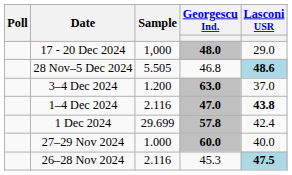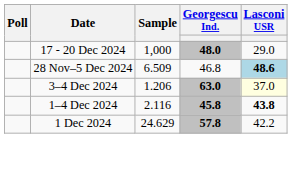 <table class="wikitable sortable" style="text-align:center;font-size:85%;line-height:14px;">
 <tr>
 <th rowspan="2">Poll</th>
 <th rowspan="2">Date</th>
 <th rowspan="2" style="width:35px;">Sample</th>
 <th class="unsortable" style="width:20px;"><a href='#'>Georgescu</a><br><small><a href='#'>Ind.</a></small></th>
 <th class="unsortable" style="width:20px;"><a href='#'>Lasconi</a><br><small><a href='#'>USR</a></small></th>
 </tr>
 <tr>
 <th style="background:"></th>
 <th style="background:"></th>
 </tr>
 <tr>
 <td></td>
 <td>17 - 20 Dec 2024</td>
 <td>1,000</td>
 <td style="background:#C0C0C0"><strong>48.0</strong></td>
 <td>29.0</td>
 </tr>
 <tr>
 <td></td>
 <td>28 Nov–5 Dec 2024</td>
-<td>5.505</td>
+<td>6.509</td>
 <td>46.8</td>
 <td style="background:lightblue"><strong>48.6</strong></td>
 </tr>
 <tr>
 <td></td>
 <td>3–4 Dec 2024</td>
-<td>1.200</td>
+<td>1.206</td>
 <td style="background:#C0C0C0"><strong>63.0</strong></td>
-<td>37.0</td>
+<td style="background: lightyellow;">37.0</td>
 </tr>
 <tr>
 <td></td>
 <td>1–4 Dec 2024</td>
 <td>2.116</td>
-<td style="background:#C0C0C0"><strong>47.0</strong></td>
+<td style="background:#C0C0C0"><strong>45.8</strong></td>
 <td><strong>43.8</strong></td>
 </tr>
 <tr>
 <td></td>
 <td>1 Dec 2024</td>
-<td>29.699</td>
+<td>24.629</td>
 <td style="background:#C0C0C0"><strong>57.8</strong></td>
-<td>42.4</td>
-</tr>
-<tr>
-<td></td>
-<td>27–29 Nov 2024</td>
-<td>1.000</td>
-<td style="background:#C0C0C0"><strong>60.0</strong></td>
-<td>40.0</td>
-</tr>
-<tr>
-<td></td>
-<td>26–28 Nov 2024</td>
-<td>2.116</td>
-<td>45.3</td>
-<td style="background:lightblue"><strong>47.5</strong></td>
+<td>42.2</td>
 </tr>
 </table>
